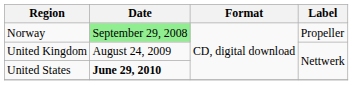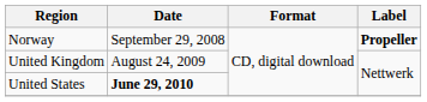 <table class="wikitable">
 <tr>
 <th>Region</th>
 <th>Date</th>
 <th>Format</th>
 <th>Label</th>
 </tr>
 <tr>
 <td>Norway</td>
-<td style="background: lightgreen;">September 29, 2008</td>
+<td>September 29, 2008</td>
 <td rowspan="3">CD, digital download</td>
-<td rowspan="1">Propeller</td>
+<td rowspan="1"><strong>Propeller</strong></td>
 </tr>
 <tr>
 <td>United Kingdom</td>
 <td>August 24, 2009</td>
 <td rowspan="2">Nettwerk</td>
 </tr>
 <tr>
 <td>United States</td>
 <td><strong>June 29, 2010</strong></td>
 </tr>
 <tr>
 </tr>
 </table>
